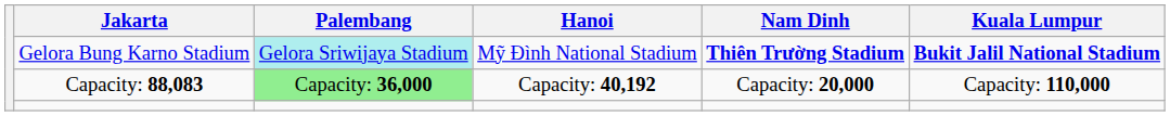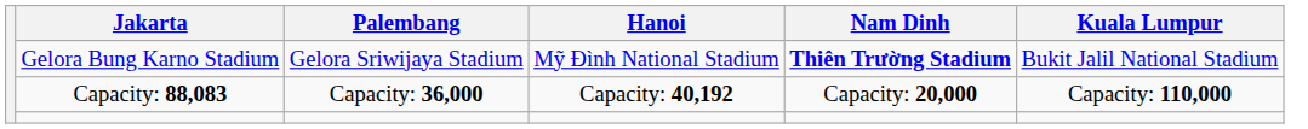 <table class="wikitable" style="text-align:center">
 <tr>
 <th rowspan="4"></th>
 <th> <a href='#'>Jakarta</a></th>
 <th> <a href='#'>Palembang</a></th>
 <th> <a href='#'>Hanoi</a></th>
 <th> <a href='#'>Nam Dinh</a></th>
 <th> <a href='#'>Kuala Lumpur</a></th>
 </tr>
 <tr>
 <td><a href='#'>Gelora Bung Karno Stadium</a></td>
-<td style="background: paleturquoise;"><a href='#'>Gelora Sriwijaya Stadium</a></td>
+<td><a href='#'>Gelora Sriwijaya Stadium</a></td>
 <td><a href='#'>Mỹ Đình National Stadium</a></td>
 <td><strong><a href='#'>Thiên Trường Stadium</a></strong></td>
-<td><strong><a href='#'>Bukit Jalil National Stadium</a></strong></td>
+<td><a href='#'>Bukit Jalil National Stadium</a></td>
 </tr>
 <tr>
 <td>Capacity: <strong>88,083</strong></td>
-<td style="background: lightgreen;">Capacity: <strong>36,000</strong></td>
+<td>Capacity: <strong>36,000</strong></td>
 <td>Capacity: <strong>40,192</strong></td>
 <td>Capacity: <strong>20,000</strong></td>
 <td>Capacity: <strong>110,000</strong></td>
 </tr>
 <tr>
 <td></td>
 <td></td>
 <td></td>
 <td></td>
 <td></td>
 </tr>
 </table>
